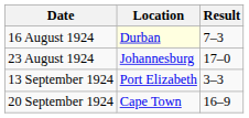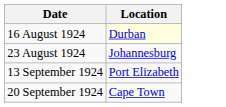 <table class="wikitable" style="align:center;">
 <tr>
 <th>Date</th>
 <th>Location</th>
-<th>Result</th>
 </tr>
 <tr>
 <td>16 August 1924</td>
 <td style="background: lightyellow;"><a href='#'>Durban</a></td>
-<td> 7–3 </td>
 </tr>
 <tr>
 <td>23 August 1924</td>
 <td><a href='#'>Johannesburg</a></td>
-<td> 17–0 </td>
 </tr>
 <tr>
 <td>13 September 1924</td>
 <td><a href='#'>Port Elizabeth</a></td>
-<td> 3–3 </td>
 </tr>
 <tr>
 <td>20 September 1924</td>
 <td><a href='#'>Cape Town</a></td>
-<td> 16–9 </td>
 </tr>
 </table>
